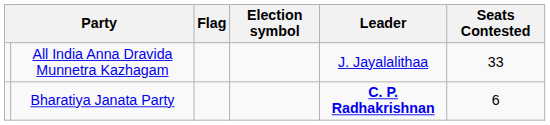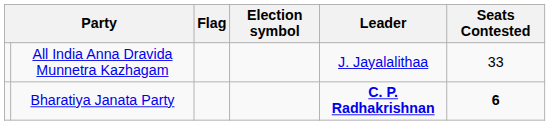 <table class="wikitable sortable" style="text-align:center;">
 <tr>
 <th colspan=2>Party</th>
 <th>Flag</th>
 <th>Election symbol</th>
 <th>Leader</th>
 <th>Seats Contested</th>
 </tr>
 <tr>
 <td></td>
 <td><a href='#'>All India Anna Dravida Munnetra Kazhagam</a></td>
 <td></td>
 <td></td>
 <td><a href='#'>J. Jayalalithaa</a></td>
 <td>33</td>
 </tr>
 <tr>
 <td></td>
 <td><a href='#'>Bharatiya Janata Party</a></td>
 <td></td>
 <td></td>
 <td><strong><a href='#'>C. P. Radhakrishnan</a></strong></td>
-<td>6</td>
+<td><strong>6</strong></td>
 </tr>
 </table>
